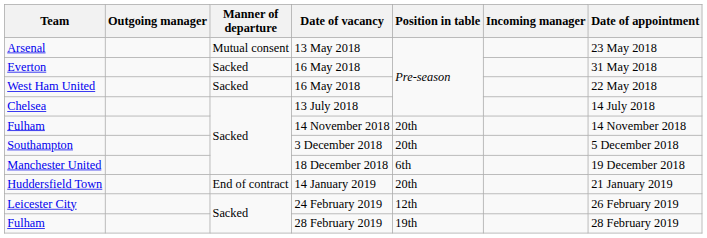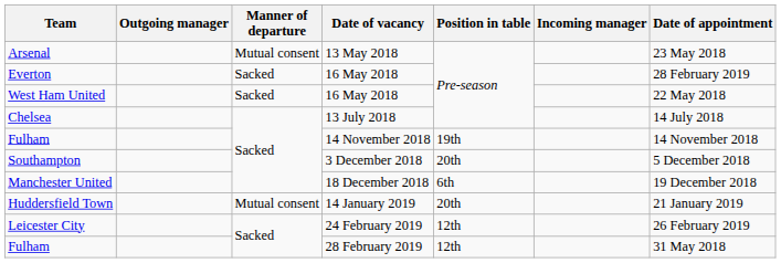 <table class="wikitable sortable">
 <tr>
 <th>Team</th>
 <th>Outgoing manager</th>
 <th>Manner of<br>departure</th>
 <th>Date of vacancy</th>
 <th>Position in table</th>
 <th>Incoming manager</th>
 <th>Date of appointment</th>
 </tr>
 <tr>
 <td><a href='#'>Arsenal</a></td>
 <td> </td>
 <td>Mutual consent</td>
 <td>13 May 2018</td>
 <td rowspan="4"><em>Pre-season</em></td>
 <td> </td>
 <td>23 May 2018</td>
 </tr>
 <tr>
 <td><a href='#'>Everton</a></td>
 <td> </td>
 <td>Sacked</td>
 <td>16 May 2018</td>
 <td> </td>
-<td>31 May 2018</td>
+<td>28 February 2019</td>
 </tr>
 <tr>
 <td><a href='#'>West Ham United</a></td>
 <td> </td>
 <td>Sacked</td>
 <td>16 May 2018</td>
 <td> </td>
 <td>22 May 2018</td>
 </tr>
 <tr>
 <td><a href='#'>Chelsea</a></td>
 <td> </td>
 <td rowspan=4>Sacked</td>
 <td>13 July 2018</td>
 <td> </td>
 <td>14 July 2018</td>
 </tr>
 <tr>
 <td><a href='#'>Fulham</a></td>
 <td> </td>
 <td>14 November 2018</td>
-<td>20th</td>
+<td>19th</td>
 <td> </td>
 <td>14 November 2018</td>
 </tr>
 <tr>
 <td><a href='#'>Southampton</a></td>
 <td> </td>
 <td>3 December 2018</td>
 <td>20th</td>
 <td> </td>
 <td>5 December 2018</td>
 </tr>
 <tr>
 <td><a href='#'>Manchester United</a></td>
 <td> </td>
 <td>18 December 2018</td>
 <td>6th</td>
 <td> </td>
 <td>19 December 2018</td>
 </tr>
 <tr>
 <td><a href='#'>Huddersfield Town</a></td>
 <td> </td>
-<td>End of contract</td>
+<td>Mutual consent</td>
 <td>14 January 2019</td>
 <td>20th</td>
 <td> </td>
 <td>21 January 2019</td>
 </tr>
 <tr>
 <td><a href='#'>Leicester City</a></td>
 <td> </td>
 <td rowspan="2">Sacked</td>
 <td>24 February 2019</td>
 <td>12th</td>
 <td> </td>
 <td>26 February 2019</td>
 </tr>
 <tr>
 <td><a href='#'>Fulham</a></td>
 <td> </td>
 <td>28 February 2019</td>
-<td>19th</td>
+<td>12th</td>
 <td> </td>
-<td>28 February 2019</td>
+<td>31 May 2018</td>
 </tr>
 </table>
